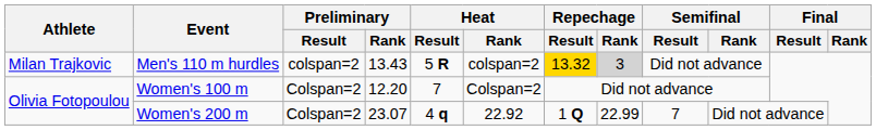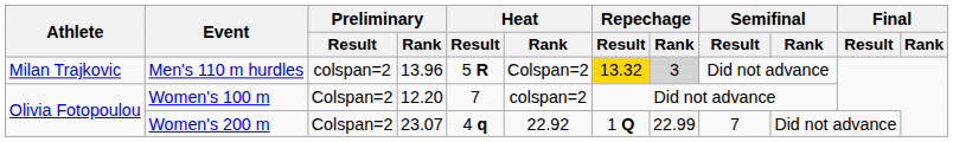 <table class="wikitable" style="font-size:90%">
 <tr>
 <th rowspan="2">Athlete</th>
 <th rowspan="2">Event</th>
 <th colspan="2">Preliminary</th>
 <th colspan="2">Heat</th>
 <th colspan="2">Repechage</th>
 <th colspan="2">Semifinal</th>
 <th colspan="2">Final</th>
 </tr>
 <tr style="font-size:95%">
 <th>Result</th>
 <th>Rank</th>
 <th>Result</th>
 <th>Rank</th>
 <th>Result</th>
 <th>Rank</th>
 <th>Result</th>
 <th>Rank</th>
 <th>Result</th>
 <th>Rank</th>
 </tr>
 <tr align=center>
 <td align=left><a href='#'>Milan Trajkovic</a></td>
 <td align=left><a href='#'>Men's 110 m hurdles</a></td>
 <td>colspan=2 </td>
-<td>13.43</td>
+<td>13.96</td>
 <td>5 <strong>R</strong></td>
-<td>colspan=2 </td>
+<td>Colspan=2</td>
 <td style="background: gold;">13.32</td>
 <td style="background: lightgrey;">3</td>
 <td colspan="2">Did not advance</td>
 </tr>
 <tr align=center>
 <td align=left rowspan=2><a href='#'>Olivia Fotopoulou</a></td>
 <td align=left><a href='#'>Women's 100 m</a></td>
 <td>Colspan=2</td>
 <td>12.20</td>
 <td>7</td>
-<td>Colspan=2</td>
+<td>colspan=2 </td>
 <td Colspan=4>Did not advance</td>
 </tr>
 <tr align=center>
 <td align=left><a href='#'>Women's 200 m</a></td>
 <td>Colspan=2</td>
 <td>23.07</td>
 <td>4 <strong>q</strong></td>
 <td>22.92 <strong></strong></td>
 <td>1 <strong>Q</strong></td>
 <td>22.99</td>
 <td>7</td>
 <td colspan=2>Did not advance</td>
 </tr>
 </table>
